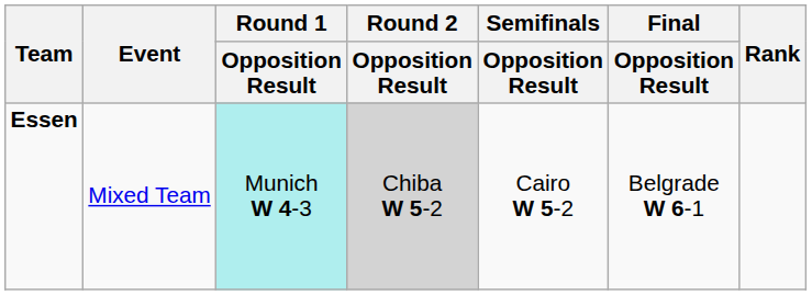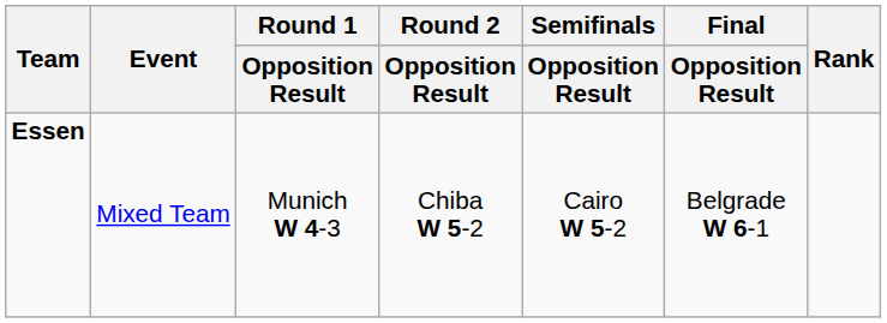 <table class="wikitable" style="font-size:90%;">
 <tr>
 <th rowspan=2>Team</th>
 <th rowspan=2>Event</th>
 <th>Round 1</th>
 <th>Round 2</th>
 <th>Semifinals</th>
 <th>Final</th>
 <th rowspan=2>Rank</th>
 </tr>
 <tr>
 <th>Opposition<br>Result</th>
 <th>Opposition<br>Result</th>
 <th>Opposition<br>Result</th>
 <th>Opposition<br>Result</th>
 </tr>
 <tr>
 <td><strong>Essen</strong><br><br><br><br><br><br><br></td>
 <td><a href='#'>Mixed Team</a></td>
-<td align=center style="background: paleturquoise;">Munich <br> <strong>W</strong> <strong>4</strong>-3</td>
-<td align=center style="background: lightgrey;">Chiba <br> <strong>W</strong> <strong>5</strong>-2</td>
+<td align=center>Munich <br> <strong>W</strong> <strong>4</strong>-3</td>
+<td align=center>Chiba <br> <strong>W</strong> <strong>5</strong>-2</td>
 <td align=center>Cairo <br> <strong>W</strong> <strong>5</strong>-2</td>
 <td align=center>Belgrade <br> <strong>W</strong> <strong>6</strong>-1</td>
 <td align=center></td>
 </tr>
 </table>
